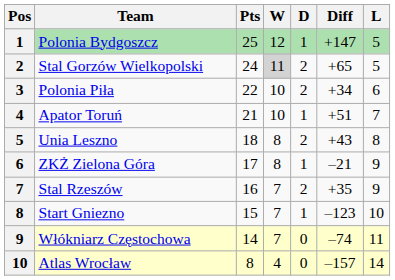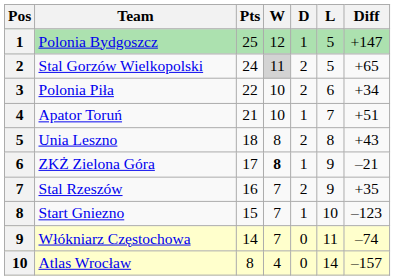 <table class="wikitable" style="font-size: 100%">
 <tr>
 <th width=20>Pos</th>
 <th width=200>Team</th>
 <th width=20>Pts</th>
 <th width=20>W</th>
 <th width=20>D</th>
+<th width=20>L</th>
 <th width=40>Diff</th>
-<th width=20>L</th>
 </tr>
 <tr align=center align=center style="background:#ACE1AF;">
 <th>1</th>
 <td align=left><a href='#'>Polonia Bydgoszcz</a></td>
 <td>25</td>
 <td>12</td>
 <td>1</td>
+<td>5</td>
 <td>+147</td>
-<td>5</td>
 </tr>
 <tr align=center>
 <th>2</th>
 <td align=left><a href='#'>Stal Gorzów Wielkopolski</a></td>
 <td>24</td>
 <td style="background: lightgrey;">11</td>
 <td>2</td>
+<td>5</td>
 <td>+65</td>
-<td>5</td>
 </tr>
 <tr align=center>
 <th>3</th>
 <td align=left><a href='#'>Polonia Piła</a></td>
 <td>22</td>
 <td>10</td>
 <td>2</td>
+<td>6</td>
 <td>+34</td>
-<td>6</td>
 </tr>
 <tr align=center>
 <th>4</th>
 <td align=left><a href='#'>Apator Toruń</a></td>
 <td>21</td>
 <td>10</td>
 <td>1</td>
+<td>7</td>
 <td>+51</td>
-<td>7</td>
 </tr>
 <tr align=center>
 <th>5</th>
 <td align=left><a href='#'>Unia Leszno</a></td>
 <td>18</td>
 <td>8</td>
 <td>2</td>
+<td>8</td>
 <td>+43</td>
-<td>8</td>
 </tr>
 <tr align=center>
 <th>6</th>
 <td align=left><a href='#'>ZKŻ Zielona Góra</a></td>
 <td>17</td>
-<td>8</td>
+<td><strong>8</strong></td>
 <td>1</td>
+<td>9</td>
 <td>–21</td>
-<td>9</td>
 </tr>
 <tr align=center>
 <th>7</th>
 <td align=left><a href='#'>Stal Rzeszów</a></td>
 <td>16</td>
 <td>7</td>
 <td>2</td>
+<td>9</td>
 <td>+35</td>
-<td>9</td>
 </tr>
 <tr align=center>
 <th>8</th>
 <td align=left><a href='#'>Start Gniezno</a></td>
 <td>15</td>
 <td>7</td>
 <td>1</td>
+<td>10</td>
 <td>–123</td>
-<td>10</td>
 </tr>
 <tr align=center style="background: #ffffcc;">
 <th>9</th>
 <td align=left><a href='#'>Włókniarz Częstochowa</a></td>
 <td>14</td>
 <td>7</td>
 <td>0</td>
+<td>11</td>
 <td>–74</td>
-<td>11</td>
 </tr>
 <tr align=center style="background: #ffffcc;">
 <th>10</th>
 <td align=left><a href='#'>Atlas Wrocław</a></td>
 <td>8</td>
 <td>4</td>
 <td>0</td>
+<td>14</td>
 <td>–157</td>
-<td>14</td>
 </tr>
 </table>
